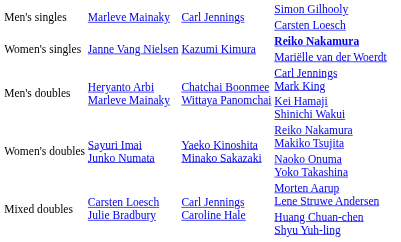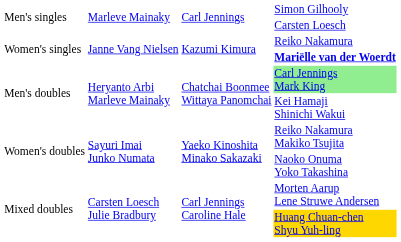 <table>
 <tr>
 <td rowspan="2">Men's singles</td>
 <td rowspan="2"> <a href='#'>Marleve Mainaky</a></td>
 <td rowspan="2"> <a href='#'>Carl Jennings</a></td>
 <td> <a href='#'>Simon Gilhooly</a></td>
 </tr>
 <tr>
 <td> <a href='#'>Carsten Loesch</a></td>
 </tr>
 <tr>
 <td rowspan="2">Women's singles</td>
 <td rowspan="2"> <a href='#'>Janne Vang Nielsen</a></td>
 <td rowspan="2"> <a href='#'>Kazumi Kimura</a></td>
-<td><strong> <a href='#'>Reiko Nakamura</a></strong></td>
+<td> <a href='#'>Reiko Nakamura</a></td>
 </tr>
 <tr>
-<td> <a href='#'>Mariëlle van der Woerdt</a></td>
+<td><strong> <a href='#'>Mariëlle van der Woerdt</a></strong></td>
 </tr>
 <tr>
 <td rowspan="2">Men's doubles</td>
 <td rowspan="2"> <a href='#'>Heryanto Arbi</a><br> <a href='#'>Marleve Mainaky</a></td>
 <td rowspan="2"> <a href='#'>Chatchai Boonmee</a><br> <a href='#'>Wittaya Panomchai</a></td>
-<td> <a href='#'>Carl Jennings</a><br> <a href='#'>Mark King</a></td>
+<td style="background: lightgreen;"> <a href='#'>Carl Jennings</a><br> <a href='#'>Mark King</a></td>
 </tr>
 <tr>
 <td> <a href='#'>Kei Hamaji</a><br> <a href='#'>Shinichi Wakui</a></td>
 </tr>
 <tr>
 <td rowspan="2">Women's doubles</td>
 <td rowspan="2"> <a href='#'>Sayuri Imai</a><br> <a href='#'>Junko Numata</a></td>
 <td rowspan="2"> <a href='#'>Yaeko Kinoshita</a><br> <a href='#'>Minako Sakazaki</a></td>
 <td> <a href='#'>Reiko Nakamura</a><br> <a href='#'>Makiko Tsujita</a></td>
 </tr>
 <tr>
 <td> <a href='#'>Naoko Onuma</a><br> <a href='#'>Yoko Takashina</a></td>
 </tr>
 <tr>
 <td rowspan="2">Mixed doubles</td>
 <td rowspan="2"> <a href='#'>Carsten Loesch</a><br> <a href='#'>Julie Bradbury</a></td>
 <td rowspan="2"> <a href='#'>Carl Jennings</a><br> <a href='#'>Caroline Hale</a></td>
 <td> <a href='#'>Morten Aarup</a><br> <a href='#'>Lene Struwe Andersen</a></td>
 </tr>
 <tr>
-<td> <a href='#'>Huang Chuan-chen</a><br> <a href='#'>Shyu Yuh-ling</a></td>
+<td style="background: gold;"> <a href='#'>Huang Chuan-chen</a><br> <a href='#'>Shyu Yuh-ling</a></td>
 </tr>
 </table>
